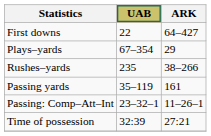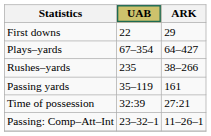 <table class="wikitable" style="float: left;">
 <tr>
 <th>Statistics</th>
 <th style="background-color:#CDC26C;color:#000000;box-shadow: inset 2px 2px 0 #1E6B52, inset -2px -2px 0 #1E6B52">UAB</th>
 <th>ARK</th>
 </tr>
 <tr>
 <td>First downs</td>
 <td>22</td>
-<td>64–427</td>
+<td>29</td>
 </tr>
 <tr>
 <td>Plays–yards</td>
 <td>67–354</td>
-<td>29</td>
+<td>64–427</td>
 </tr>
 <tr>
 <td>Rushes–yards</td>
 <td>235</td>
 <td>38–266</td>
 </tr>
 <tr>
 <td>Passing yards</td>
 <td>35–119</td>
 <td>161</td>
 </tr>
 <tr>
+<td>Time of possession</td>
+<td>32:39</td>
+<td>27:21</td>
+</tr>
+<tr>
 <td>Passing: Comp–Att–Int</td>
 <td>23–32–1</td>
 <td>11–26–1</td>
 </tr>
 <tr>
-<td>Time of possession</td>
-<td>32:39</td>
-<td>27:21</td>
-</tr>
-<tr>
 </tr>
 </table>
